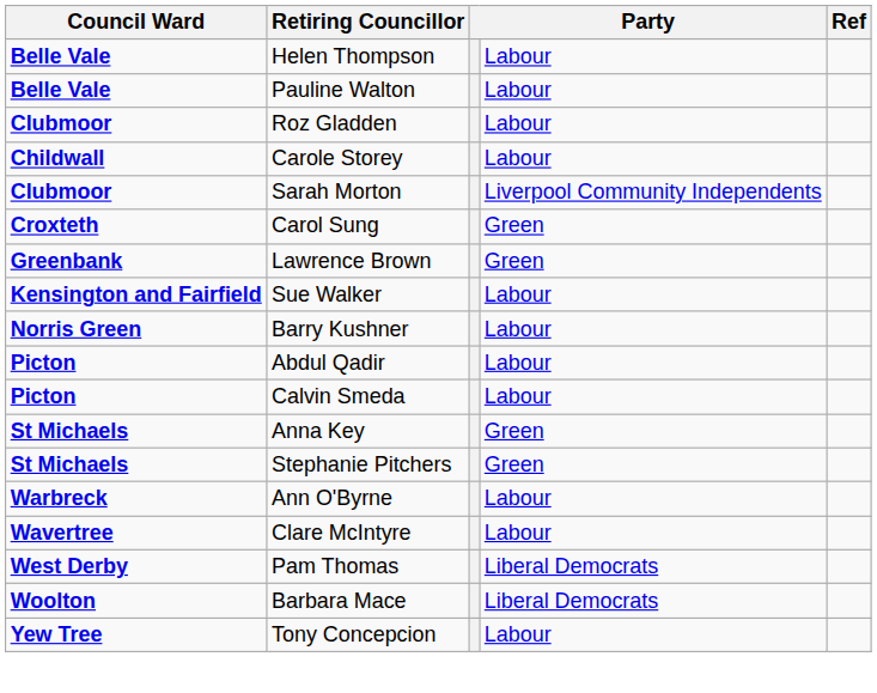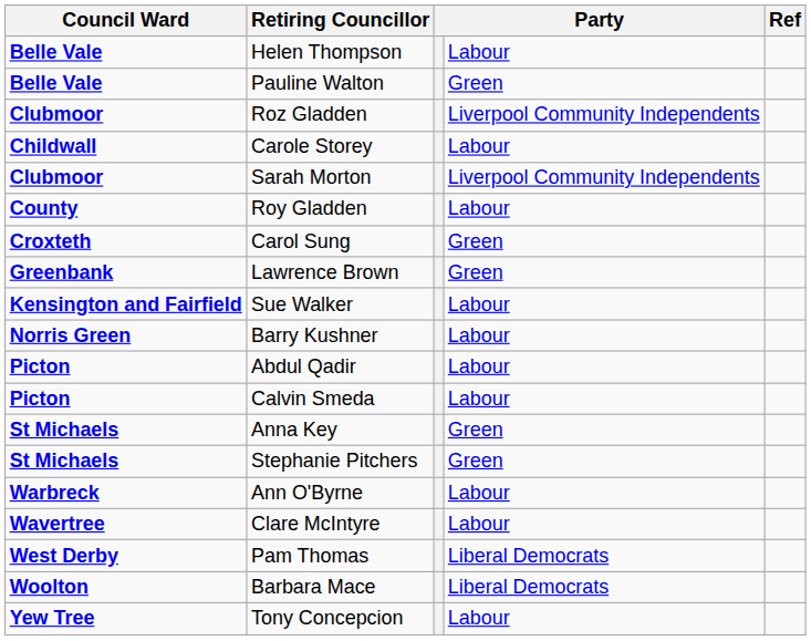 <table class="wikitable sortable">
 <tr>
 <th>Council Ward</th>
 <th>Retiring Councillor</th>
 <th colspan="2">Party</th>
 <th>Ref</th>
 </tr>
 <tr>
 <td style="text-align:left"><strong><a href='#'>Belle Vale</a></strong></td>
 <td style="text-align:left">Helen Thompson</td>
 <th style="background-color: "></th>
 <td><a href='#'>Labour</a></td>
 <td></td>
 </tr>
 <tr>
 <td style="text-align:left"><strong><a href='#'>Belle Vale</a></strong></td>
 <td style="text-align:left">Pauline Walton</td>
 <th style="background-color: "></th>
-<td><a href='#'>Labour</a></td>
+<td><a href='#'>Green</a></td>
 <td style="text-align:center"></td>
 </tr>
 <tr>
 <td style="text-align:left"><strong><a href='#'>Clubmoor</a></strong></td>
 <td style="text-align:left">Roz Gladden</td>
 <th style="background-color: "></th>
-<td><a href='#'>Labour</a></td>
+<td><a href='#'>Liverpool Community Independents</a></td>
 <td style="text-align:center"></td>
 </tr>
 <tr>
 <td style="text-align:left"><strong><a href='#'>Childwall</a></strong></td>
 <td style="text-align:left">Carole Storey</td>
 <th style="background-color: "></th>
 <td><a href='#'>Labour</a></td>
 <td style="text-align:center"></td>
 </tr>
 <tr>
 <td style="text-align:left"><strong><a href='#'>Clubmoor</a></strong></td>
 <td style="text-align:left">Sarah Morton</td>
 <th style="background-color: "></th>
 <td><a href='#'>Liverpool Community Independents</a></td>
+<td style="text-align:center"></td>
+</tr>
+<tr>
+<td style="text-align:left"><strong><a href='#'>County</a></strong></td>
+<td style="text-align:left">Roy Gladden</td>
+<th style="background-color: "></th>
+<td><a href='#'>Labour</a></td>
 <td style="text-align:center"></td>
 </tr>
 <tr>
 <td style="text-align:left"><strong><a href='#'>Croxteth</a></strong></td>
 <td style="text-align:left">Carol Sung</td>
 <th style="background-color: "></th>
 <td><a href='#'>Green</a></td>
 <td style="text-align:center"></td>
 </tr>
 <tr>
 <td style="text-align:left"><strong><a href='#'>Greenbank</a></strong></td>
 <td style="text-align:left">Lawrence Brown</td>
 <th style="background-color: "></th>
 <td><a href='#'>Green</a></td>
 <td style="text-align:center"></td>
 </tr>
 <tr>
 <td style="text-align:left"><strong><a href='#'>Kensington and Fairfield</a></strong></td>
 <td style="text-align:left">Sue Walker</td>
 <th style="background-color: "></th>
 <td><a href='#'>Labour</a></td>
 <td style="text-align:center"></td>
 </tr>
 <tr>
 <td style="text-align:left"><strong><a href='#'>Norris Green</a></strong></td>
 <td style="text-align:left">Barry Kushner</td>
 <th style="background-color: "></th>
 <td><a href='#'>Labour</a></td>
 <td></td>
 </tr>
 <tr>
 <td style="text-align:left"><strong><a href='#'>Picton</a></strong></td>
 <td style="text-align:left">Abdul Qadir</td>
 <th style="background-color: "></th>
 <td><a href='#'>Labour</a></td>
 <td></td>
 </tr>
 <tr>
 <td style="text-align:left"><strong><a href='#'>Picton</a></strong></td>
 <td style="text-align:left">Calvin Smeda</td>
 <th style="background-color: "></th>
 <td><a href='#'>Labour</a></td>
 <td style="text-align:center"></td>
 </tr>
 <tr>
 <td style="text-align:left"><strong><a href='#'>St Michaels</a></strong></td>
 <td style="text-align:left">Anna Key</td>
 <th style="background-color: "></th>
 <td><a href='#'>Green</a></td>
 <td style="text-align:center"></td>
 </tr>
 <tr>
 <td style="text-align:left"><strong><a href='#'>St Michaels</a></strong></td>
 <td style="text-align:left">Stephanie Pitchers</td>
 <th style="background-color: "></th>
 <td><a href='#'>Green</a></td>
 <td style="text-align:center"></td>
 </tr>
 <tr>
 <td style="text-align:left"><strong><a href='#'>Warbreck</a></strong></td>
 <td style="text-align:left">Ann O'Byrne</td>
 <th style="background-color: "></th>
 <td><a href='#'>Labour</a></td>
 <td></td>
 </tr>
 <tr>
 <td style="text-align:left"><strong><a href='#'>Wavertree</a></strong></td>
 <td style="text-align:left">Clare McIntyre</td>
 <th style="background-color: "></th>
 <td><a href='#'>Labour</a></td>
 <td style="text-align:center"></td>
 </tr>
 <tr>
 <td style="text-align:left"><strong><a href='#'>West Derby</a></strong></td>
 <td style="text-align:left">Pam Thomas</td>
 <th style="background-color: "></th>
 <td><a href='#'>Liberal Democrats</a></td>
 <td style="text-align:center"></td>
 </tr>
 <tr>
 <td style="text-align:left"><strong><a href='#'>Woolton</a></strong></td>
 <td style="text-align:left">Barbara Mace</td>
 <th style="background-color: "></th>
 <td><a href='#'>Liberal Democrats</a></td>
 <td style="text-align:center"></td>
 </tr>
 <tr>
 <td style="text-align:left"><strong><a href='#'>Yew Tree</a></strong></td>
 <td style="text-align:left">Tony Concepcion</td>
 <th style="background-color: "></th>
 <td><a href='#'>Labour</a></td>
 <td style="text-align:center"></td>
 </tr>
 </table>
